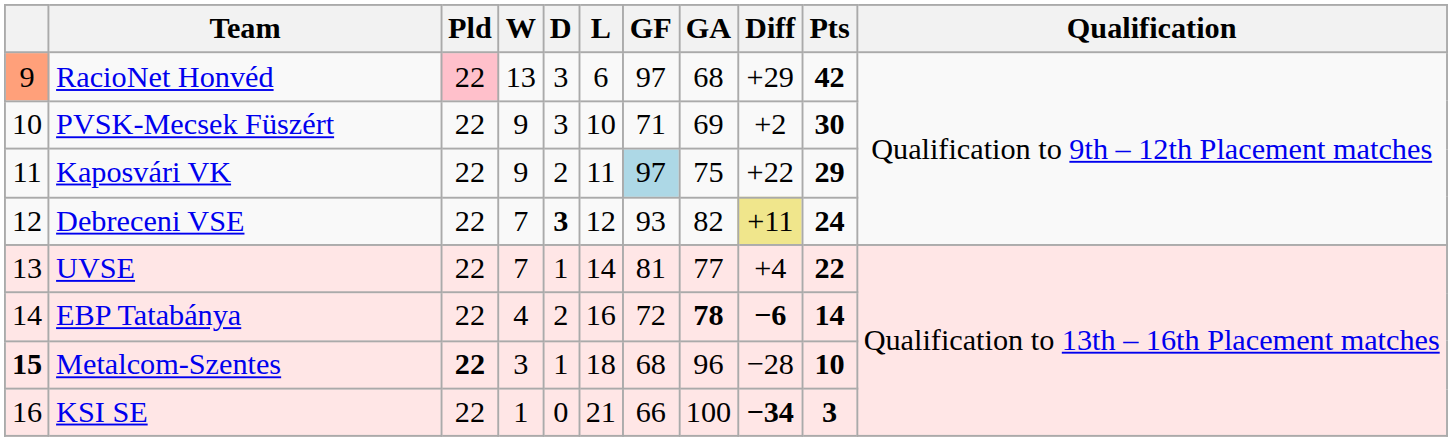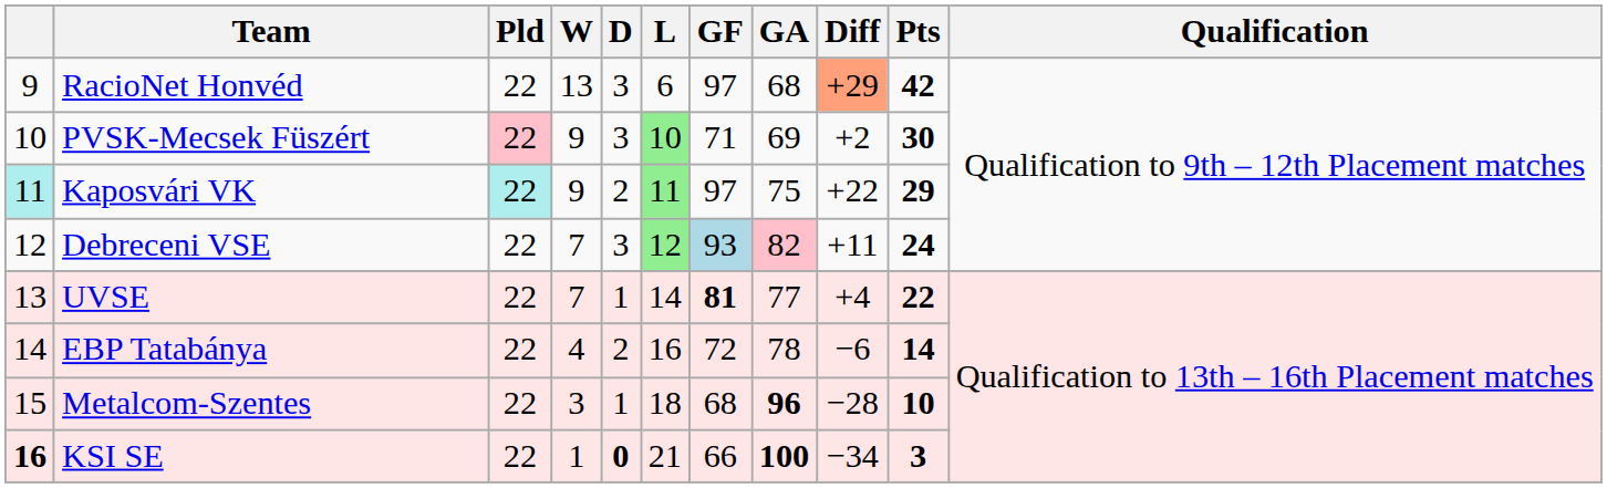 <table class="wikitable sortable" style="text-align:center">
 <tr>
 <th></th>
 <th width="200">Team</th>
 <th>Pld</th>
 <th>W</th>
 <th>D</th>
 <th>L</th>
 <th>GF</th>
 <th>GA</th>
 <th>Diff</th>
 <th>Pts</th>
 <th>Qualification</th>
 </tr>
 <tr>
-<td style="background: lightsalmon;">9</td>
+<td>9</td>
 <td align=left> <a href='#'>RacioNet Honvéd</a></td>
-<td style="background: pink;">22</td>
+<td>22</td>
 <td>13</td>
 <td>3</td>
 <td>6</td>
 <td>97</td>
 <td>68</td>
-<td>+29</td>
+<td style="background: lightsalmon;">+29</td>
 <td><strong>42</strong></td>
 <td rowspan="4">Qualification to <a href='#'>9th – 12th Placement matches</a></td>
 </tr>
 <tr>
 <td>10</td>
 <td align=left> <a href='#'>PVSK-Mecsek Füszért</a></td>
-<td>22</td>
+<td style="background: pink;">22</td>
 <td>9</td>
 <td>3</td>
-<td>10</td>
+<td style="background: lightgreen;">10</td>
 <td>71</td>
 <td>69</td>
 <td>+2</td>
 <td><strong>30</strong></td>
 </tr>
 <tr>
-<td>11</td>
+<td style="background: paleturquoise;">11</td>
 <td align=left> <a href='#'>Kaposvári VK</a></td>
-<td>22</td>
+<td style="background: paleturquoise;">22</td>
 <td>9</td>
 <td>2</td>
-<td>11</td>
-<td style="background: lightblue;">97</td>
+<td style="background: lightgreen;">11</td>
+<td>97</td>
 <td>75</td>
 <td>+22</td>
 <td><strong>29</strong></td>
 </tr>
 <tr>
 <td>12</td>
 <td align=left> <a href='#'>Debreceni VSE</a></td>
 <td>22</td>
 <td>7</td>
-<td><strong>3</strong></td>
-<td>12</td>
-<td>93</td>
-<td>82</td>
-<td style="background: khaki;">+11</td>
+<td>3</td>
+<td style="background: lightgreen;">12</td>
+<td style="background: lightblue;">93</td>
+<td style="background: pink;">82</td>
+<td>+11</td>
 <td><strong>24</strong></td>
 </tr>
 <tr style="background:#FFE6E6;">
 <td>13</td>
 <td align=left> <a href='#'>UVSE</a></td>
 <td>22</td>
 <td>7</td>
 <td>1</td>
 <td>14</td>
-<td>81</td>
+<td><strong>81</strong></td>
 <td>77</td>
 <td>+4</td>
 <td><strong>22</strong></td>
 <td rowspan="4">Qualification to <a href='#'>13th – 16th Placement matches</a></td>
 </tr>
 <tr style="background:#FFE6E6;">
 <td>14</td>
 <td align=left> <a href='#'>EBP Tatabánya</a></td>
 <td>22</td>
 <td>4</td>
 <td>2</td>
 <td>16</td>
 <td>72</td>
-<td><strong>78</strong></td>
-<td><strong>−6</strong></td>
+<td>78</td>
+<td>−6</td>
 <td><strong>14</strong></td>
 </tr>
 <tr style="background:#FFE6E6;">
-<td><strong>15</strong></td>
+<td>15</td>
 <td align=left> <a href='#'>Metalcom-Szentes</a></td>
-<td><strong>22</strong></td>
+<td>22</td>
 <td>3</td>
 <td>1</td>
 <td>18</td>
 <td>68</td>
-<td>96</td>
+<td><strong>96</strong></td>
 <td>−28</td>
 <td><strong>10</strong></td>
 </tr>
 <tr style="background:#FFE6E6;">
-<td>16</td>
+<td><strong>16</strong></td>
 <td align=left> <a href='#'>KSI SE</a></td>
 <td>22</td>
 <td>1</td>
-<td>0</td>
+<td><strong>0</strong></td>
 <td>21</td>
 <td>66</td>
-<td>100</td>
-<td><strong>−34</strong></td>
+<td><strong>100</strong></td>
+<td>−34</td>
 <td><strong>3</strong></td>
 </tr>
 </table>
